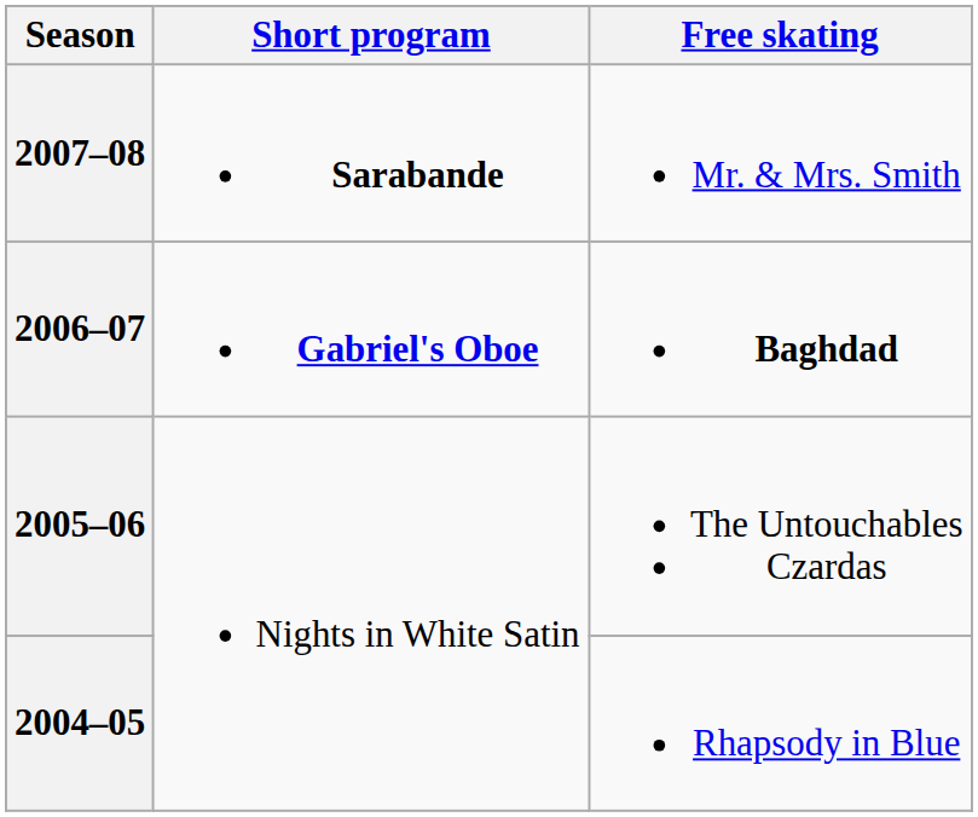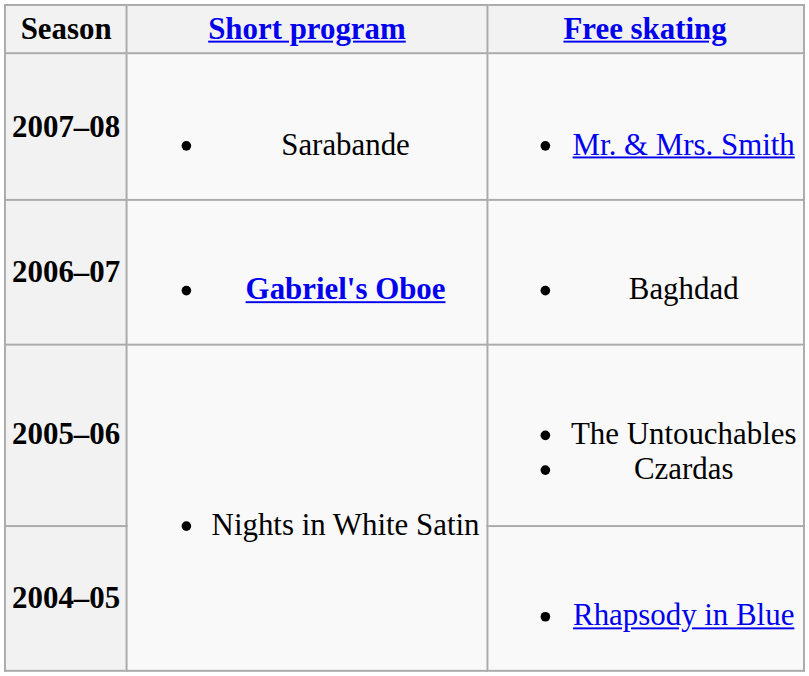 <table class=wikitable style=text-align:center>
 <tr>
 <th>Season</th>
 <th><a href='#'>Short program</a></th>
 <th><a href='#'>Free skating</a></th>
 </tr>
 <tr>
 <th>2007–08 <br> </th>
-<td><strong><br><ul><li>Sarabande <br></li></ul></strong></td>
+<td><br><ul><li>Sarabande <br></li></ul></td>
 <td><br><ul><li><a href='#'>Mr. & Mrs. Smith</a> <br></li></ul></td>
 </tr>
 <tr>
 <th>2006–07 <br> </th>
 <td><strong><br><ul><li><a href='#'>Gabriel's Oboe</a> <br></li></ul></strong></td>
-<td><strong><br><ul><li>Baghdad <br></li></ul></strong></td>
+<td><br><ul><li>Baghdad <br></li></ul></td>
 </tr>
 <tr>
 <th>2005–06 <br> </th>
 <td rowspan=2><br><ul><li>Nights in White Satin <br></li></ul></td>
 <td><br><ul><li>The Untouchables <br></li><li>Czardas <br></li></ul></td>
 </tr>
 <tr>
 <th>2004–05 <br> </th>
 <td><br><ul><li><a href='#'>Rhapsody in Blue</a> <br></li></ul></td>
 </tr>
 </table>
